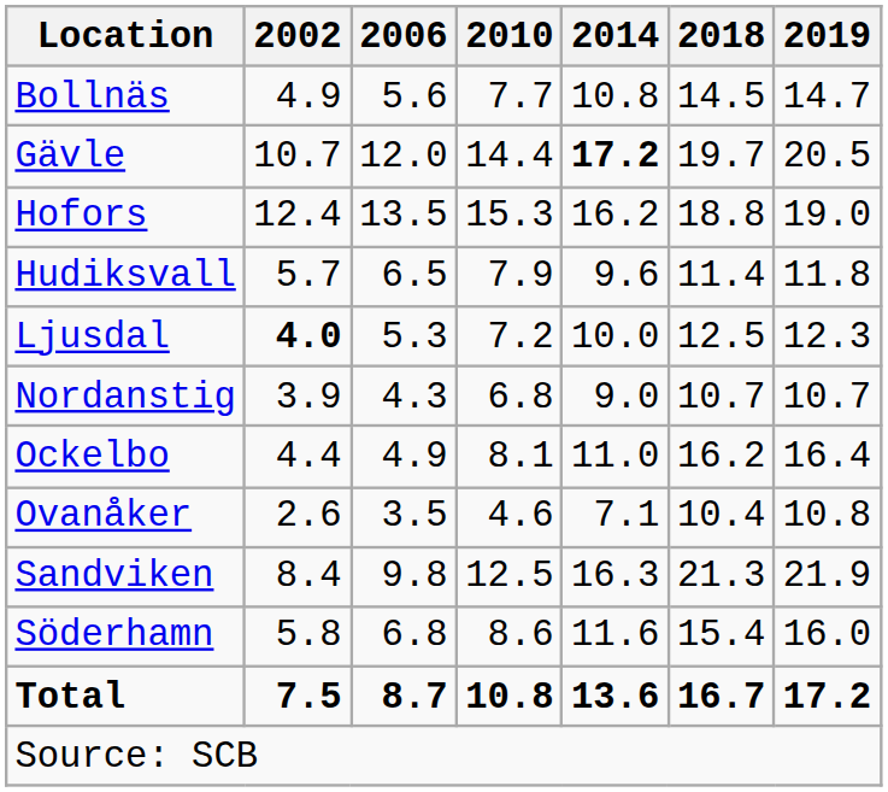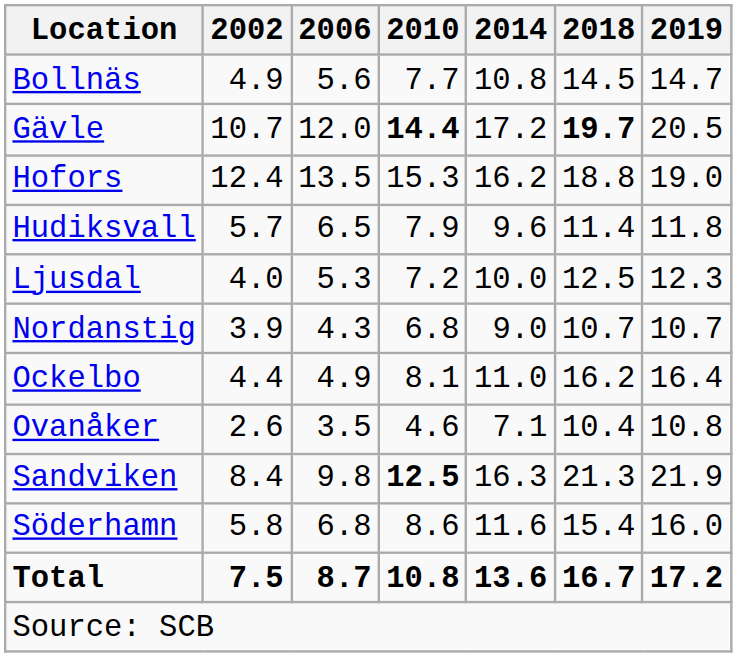 <table class="wikitable sortable" style=text-align:right>
 <tr>
 <th>Location</th>
 <th>2002</th>
 <th>2006</th>
 <th>2010</th>
 <th>2014</th>
 <th>2018</th>
 <th>2019</th>
 </tr>
 <tr>
 <td align=left><a href='#'>Bollnäs</a></td>
 <td>4.9</td>
 <td>5.6</td>
 <td>7.7</td>
 <td>10.8</td>
 <td>14.5</td>
 <td>14.7</td>
 </tr>
 <tr>
 <td align=left><a href='#'>Gävle</a></td>
 <td>10.7</td>
 <td>12.0</td>
-<td>14.4</td>
-<td><strong>17.2</strong></td>
-<td>19.7</td>
+<td><strong>14.4</strong></td>
+<td>17.2</td>
+<td><strong>19.7</strong></td>
 <td>20.5</td>
 </tr>
 <tr>
 <td align=left><a href='#'>Hofors</a></td>
 <td>12.4</td>
 <td>13.5</td>
 <td>15.3</td>
 <td>16.2</td>
 <td>18.8</td>
 <td>19.0</td>
 </tr>
 <tr>
 <td align=left><a href='#'>Hudiksvall</a></td>
 <td>5.7</td>
 <td>6.5</td>
 <td>7.9</td>
 <td>9.6</td>
 <td>11.4</td>
 <td>11.8</td>
 </tr>
 <tr>
 <td align=left><a href='#'>Ljusdal</a></td>
-<td><strong>4.0</strong></td>
+<td>4.0</td>
 <td>5.3</td>
 <td>7.2</td>
 <td>10.0</td>
 <td>12.5</td>
 <td>12.3</td>
 </tr>
 <tr>
 <td align=left><a href='#'>Nordanstig</a></td>
 <td>3.9</td>
 <td>4.3</td>
 <td>6.8</td>
 <td>9.0</td>
 <td>10.7</td>
 <td>10.7</td>
 </tr>
 <tr>
 <td align=left><a href='#'>Ockelbo</a></td>
 <td>4.4</td>
 <td>4.9</td>
 <td>8.1</td>
 <td>11.0</td>
 <td>16.2</td>
 <td>16.4</td>
 </tr>
 <tr>
 <td align=left><a href='#'>Ovanåker</a></td>
 <td>2.6</td>
 <td>3.5</td>
 <td>4.6</td>
 <td>7.1</td>
 <td>10.4</td>
 <td>10.8</td>
 </tr>
 <tr>
 <td align=left><a href='#'>Sandviken</a></td>
 <td>8.4</td>
 <td>9.8</td>
-<td>12.5</td>
+<td><strong>12.5</strong></td>
 <td>16.3</td>
 <td>21.3</td>
 <td>21.9</td>
 </tr>
 <tr>
 <td align=left><a href='#'>Söderhamn</a></td>
 <td>5.8</td>
 <td>6.8</td>
 <td>8.6</td>
 <td>11.6</td>
 <td>15.4</td>
 <td>16.0</td>
 </tr>
 <tr>
 <td align=left><strong>Total</strong></td>
 <td><strong>7.5</strong></td>
 <td><strong>8.7</strong></td>
 <td><strong>10.8</strong></td>
 <td><strong>13.6</strong></td>
 <td><strong>16.7</strong></td>
 <td><strong>17.2</strong></td>
 </tr>
 <tr>
 <td align=left colspan=7>Source: SCB</td>
 </tr>
 </table>
